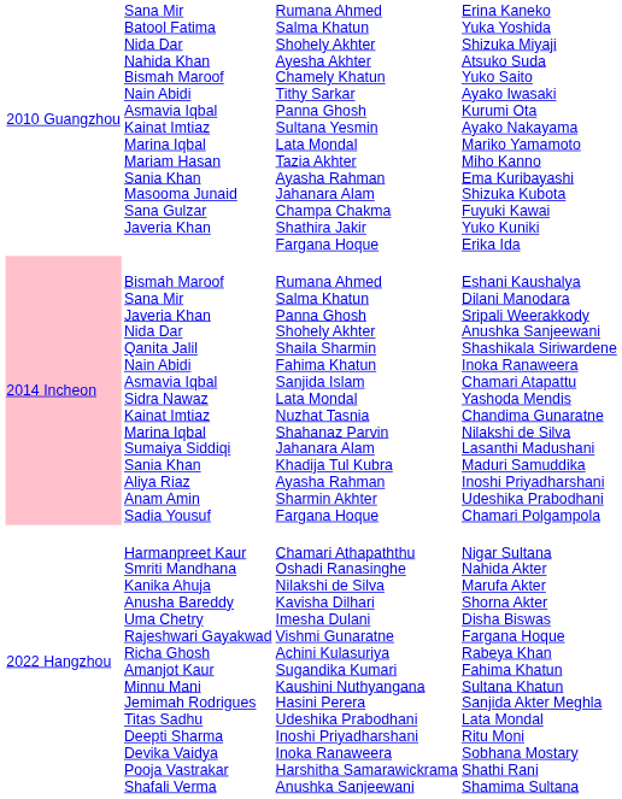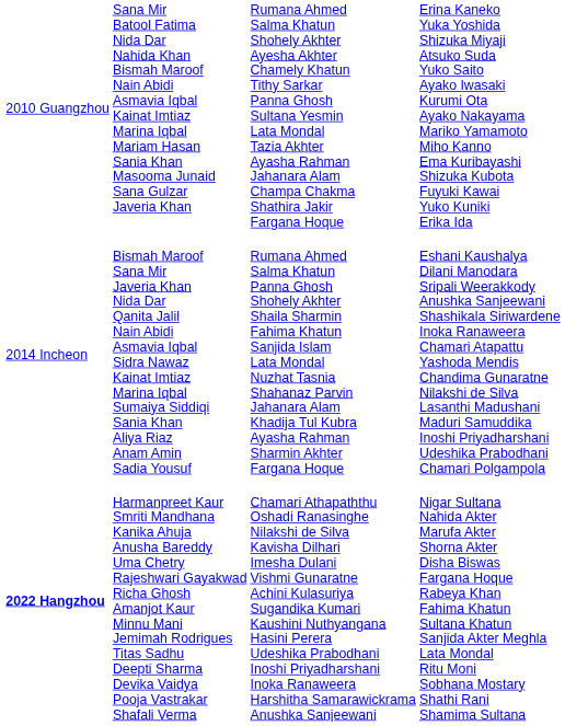 <table>
 <tr>
 <td><a href='#'>2010 Guangzhou</a></td>
 <td valign=top><br><a href='#'>Sana Mir</a><br><a href='#'>Batool Fatima</a><br><a href='#'>Nida Dar</a><br><a href='#'>Nahida Khan</a><br><a href='#'>Bismah Maroof</a><br><a href='#'>Nain Abidi</a><br><a href='#'>Asmavia Iqbal</a><br><a href='#'>Kainat Imtiaz</a><br><a href='#'>Marina Iqbal</a><br><a href='#'>Mariam Hasan</a><br><a href='#'>Sania Khan</a><br><a href='#'>Masooma Junaid</a><br><a href='#'>Sana Gulzar</a><br><a href='#'>Javeria Khan</a></td>
 <td><br><a href='#'>Rumana Ahmed</a><br><a href='#'>Salma Khatun</a><br><a href='#'>Shohely Akhter</a><br><a href='#'>Ayesha Akhter</a><br><a href='#'>Chamely Khatun</a><br><a href='#'>Tithy Sarkar</a><br><a href='#'>Panna Ghosh</a><br><a href='#'>Sultana Yesmin</a><br><a href='#'>Lata Mondal</a><br><a href='#'>Tazia Akhter</a><br><a href='#'>Ayasha Rahman</a><br><a href='#'>Jahanara Alam</a><br><a href='#'>Champa Chakma</a><br><a href='#'>Shathira Jakir</a><br><a href='#'>Fargana Hoque</a></td>
 <td><br><a href='#'>Erina Kaneko</a><br><a href='#'>Yuka Yoshida</a><br><a href='#'>Shizuka Miyaji</a><br><a href='#'>Atsuko Suda</a><br><a href='#'>Yuko Saito</a><br><a href='#'>Ayako Iwasaki</a><br><a href='#'>Kurumi Ota</a><br><a href='#'>Ayako Nakayama</a><br><a href='#'>Mariko Yamamoto</a><br><a href='#'>Miho Kanno</a><br><a href='#'>Ema Kuribayashi</a><br><a href='#'>Shizuka Kubota</a><br><a href='#'>Fuyuki Kawai</a><br><a href='#'>Yuko Kuniki</a><br><a href='#'>Erika Ida</a></td>
 </tr>
 <tr>
-<td style="background: pink;"><a href='#'>2014 Incheon</a></td>
+<td><a href='#'>2014 Incheon</a></td>
 <td><br><a href='#'>Bismah Maroof</a><br><a href='#'>Sana Mir</a><br><a href='#'>Javeria Khan</a><br><a href='#'>Nida Dar</a><br><a href='#'>Qanita Jalil</a><br><a href='#'>Nain Abidi</a><br><a href='#'>Asmavia Iqbal</a><br><a href='#'>Sidra Nawaz</a><br><a href='#'>Kainat Imtiaz</a><br><a href='#'>Marina Iqbal</a><br><a href='#'>Sumaiya Siddiqi</a><br><a href='#'>Sania Khan</a><br><a href='#'>Aliya Riaz</a><br><a href='#'>Anam Amin</a><br><a href='#'>Sadia Yousuf</a></td>
 <td><br><a href='#'>Rumana Ahmed</a><br><a href='#'>Salma Khatun</a><br><a href='#'>Panna Ghosh</a><br><a href='#'>Shohely Akhter</a><br><a href='#'>Shaila Sharmin</a><br><a href='#'>Fahima Khatun</a><br><a href='#'>Sanjida Islam</a><br><a href='#'>Lata Mondal</a><br><a href='#'>Nuzhat Tasnia</a><br><a href='#'>Shahanaz Parvin</a><br><a href='#'>Jahanara Alam</a><br><a href='#'>Khadija Tul Kubra</a><br><a href='#'>Ayasha Rahman</a><br><a href='#'>Sharmin Akhter</a><br><a href='#'>Fargana Hoque</a></td>
 <td><br><a href='#'>Eshani Kaushalya</a><br><a href='#'>Dilani Manodara</a><br><a href='#'>Sripali Weerakkody</a><br><a href='#'>Anushka Sanjeewani</a><br><a href='#'>Shashikala Siriwardene</a><br><a href='#'>Inoka Ranaweera</a><br><a href='#'>Chamari Atapattu</a><br><a href='#'>Yashoda Mendis</a><br><a href='#'>Chandima Gunaratne</a><br><a href='#'>Nilakshi de Silva</a><br><a href='#'>Lasanthi Madushani</a><br><a href='#'>Maduri Samuddika</a><br><a href='#'>Inoshi Priyadharshani</a><br><a href='#'>Udeshika Prabodhani</a><br><a href='#'>Chamari Polgampola</a></td>
 </tr>
 <tr>
-<td><a href='#'>2022 Hangzhou</a></td>
+<td><strong><a href='#'>2022 Hangzhou</a></strong></td>
 <td><br><a href='#'>Harmanpreet Kaur</a><br><a href='#'>Smriti Mandhana</a><br><a href='#'>Kanika Ahuja</a><br><a href='#'>Anusha Bareddy</a><br><a href='#'>Uma Chetry</a><br><a href='#'>Rajeshwari Gayakwad</a><br><a href='#'>Richa Ghosh</a><br><a href='#'>Amanjot Kaur</a><br><a href='#'>Minnu Mani</a><br><a href='#'>Jemimah Rodrigues</a><br><a href='#'>Titas Sadhu</a><br><a href='#'>Deepti Sharma</a><br><a href='#'>Devika Vaidya</a><br><a href='#'>Pooja Vastrakar</a><br><a href='#'>Shafali Verma</a></td>
 <td><br><a href='#'>Chamari Athapaththu</a><br><a href='#'>Oshadi Ranasinghe</a><br><a href='#'>Nilakshi de Silva</a><br><a href='#'>Kavisha Dilhari</a><br><a href='#'>Imesha Dulani</a><br><a href='#'>Vishmi Gunaratne</a><br><a href='#'>Achini Kulasuriya</a><br><a href='#'>Sugandika Kumari</a><br><a href='#'>Kaushini Nuthyangana</a><br><a href='#'>Hasini Perera</a><br><a href='#'>Udeshika Prabodhani</a><br><a href='#'>Inoshi Priyadharshani</a><br><a href='#'>Inoka Ranaweera</a><br><a href='#'>Harshitha Samarawickrama</a><br><a href='#'>Anushka Sanjeewani</a></td>
 <td><br><a href='#'>Nigar Sultana</a><br><a href='#'>Nahida Akter</a><br><a href='#'>Marufa Akter</a><br><a href='#'>Shorna Akter</a><br><a href='#'>Disha Biswas</a><br><a href='#'>Fargana Hoque</a><br><a href='#'>Rabeya Khan</a><br><a href='#'>Fahima Khatun</a><br><a href='#'>Sultana Khatun</a><br><a href='#'>Sanjida Akter Meghla</a><br><a href='#'>Lata Mondal</a><br><a href='#'>Ritu Moni</a><br><a href='#'>Sobhana Mostary</a><br><a href='#'>Shathi Rani</a><br><a href='#'>Shamima Sultana</a></td>
 </tr>
 </table>
